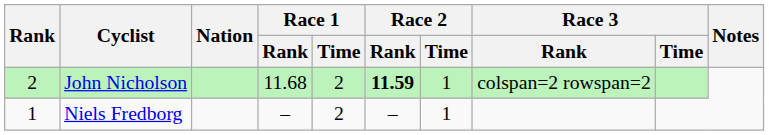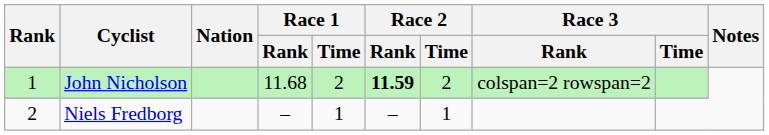 <table class="wikitable sortable" style="text-align:center">
 <tr>
 <th rowspan=2>Rank</th>
 <th rowspan=2>Cyclist</th>
 <th rowspan=2>Nation</th>
 <th colspan=2>Race 1</th>
 <th colspan=2>Race 2</th>
 <th colspan=2>Race 3</th>
 <th rowspan=2>Notes</th>
 </tr>
 <tr>
 <th>Rank</th>
 <th>Time</th>
 <th>Rank</th>
 <th>Time</th>
 <th>Rank</th>
 <th>Time</th>
 </tr>
 <tr bgcolor=bbf3bb>
-<td>2</td>
+<td>1</td>
 <td align=left data-sort-value="Nicholson, John"><a href='#'>John Nicholson</a></td>
 <td align=left></td>
 <td>11.68</td>
 <td>2</td>
 <td><strong>11.59</strong></td>
-<td>1</td>
+<td>2</td>
 <td>colspan=2 rowspan=2 </td>
 <td></td>
 </tr>
 <tr>
-<td>1</td>
+<td>2</td>
 <td align=left data-sort-value="Fredborg, Niels"><a href='#'>Niels Fredborg</a></td>
 <td align=left></td>
 <td>–</td>
-<td>2</td>
+<td>1</td>
 <td>–</td>
 <td>1</td>
 <td></td>
 </tr>
 </table>
